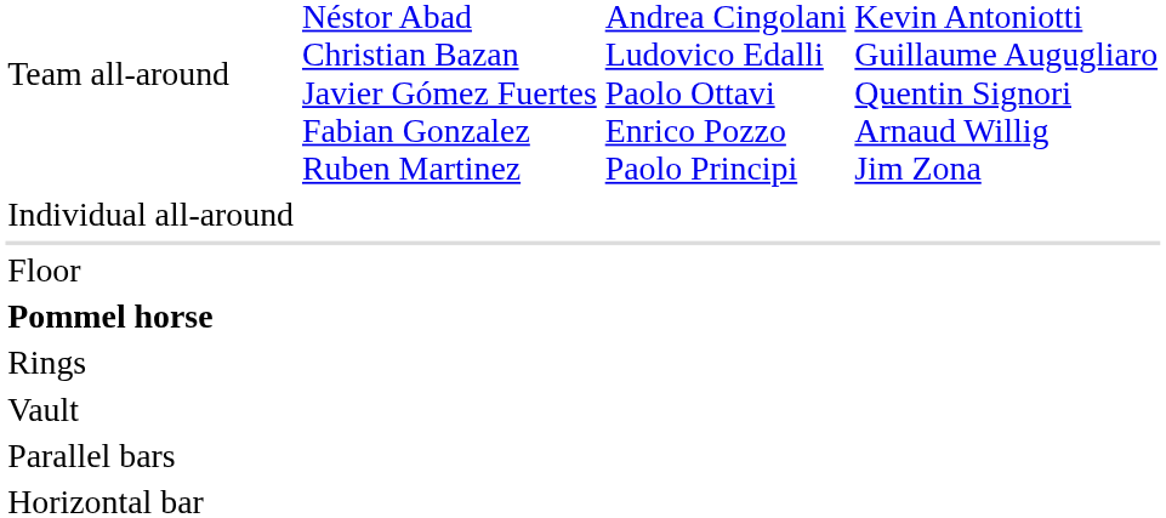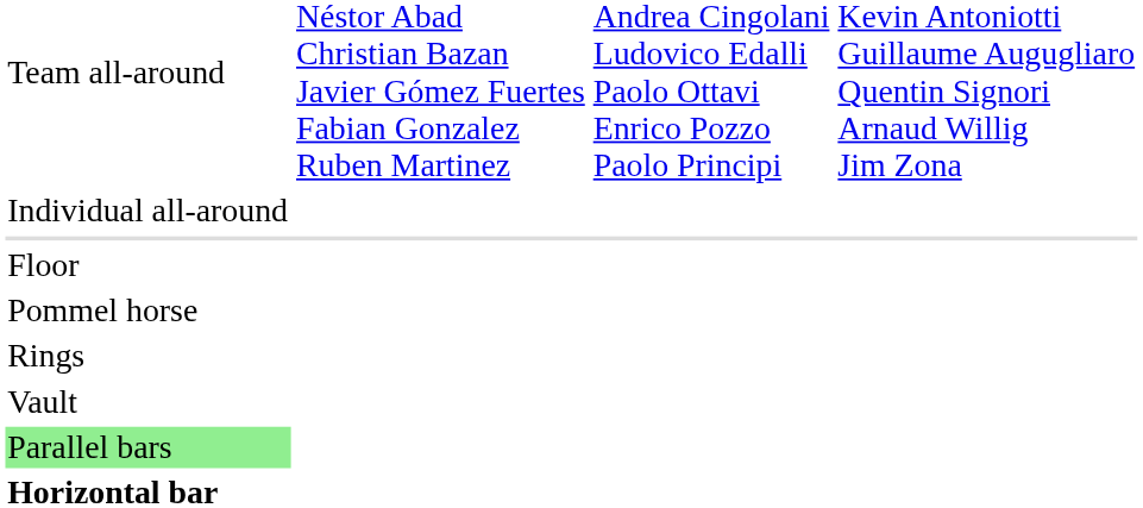 <table>
 <tr>
 <td>Team all-around<br></td>
 <td><br><a href='#'>Néstor Abad</a><br><a href='#'>Christian Bazan</a><br><a href='#'>Javier Gómez Fuertes</a><br><a href='#'>Fabian Gonzalez</a><br><a href='#'>Ruben Martinez</a></td>
 <td><br><a href='#'>Andrea Cingolani</a><br><a href='#'>Ludovico Edalli</a><br><a href='#'>Paolo Ottavi</a><br><a href='#'>Enrico Pozzo</a><br><a href='#'>Paolo Principi</a></td>
 <td><br><a href='#'>Kevin Antoniotti</a><br><a href='#'>Guillaume Augugliaro</a><br><a href='#'>Quentin Signori</a><br><a href='#'>Arnaud Willig</a><br><a href='#'>Jim Zona</a></td>
 </tr>
 <tr>
 <td>Individual all-around<br></td>
 <td></td>
 <td></td>
 <td></td>
 </tr>
 <tr bgcolor=#DDDDDD>
 <td colspan=7></td>
 </tr>
 <tr>
 <td>Floor<br></td>
 <td></td>
 <td></td>
 <td></td>
 </tr>
 <tr>
-<td><strong>Pommel horse<br></strong></td>
+<td>Pommel horse<br></td>
 <td></td>
 <td></td>
 <td></td>
 </tr>
 <tr>
 <td>Rings<br></td>
 <td></td>
 <td></td>
 <td></td>
 </tr>
 <tr>
 <td>Vault<br></td>
 <td></td>
 <td></td>
 <td></td>
 </tr>
 <tr>
-<td>Parallel bars<br></td>
+<td style="background: lightgreen;">Parallel bars<br></td>
 <td></td>
 <td></td>
 <td></td>
 </tr>
 <tr>
-<td>Horizontal bar<br></td>
+<td><strong>Horizontal bar<br></strong></td>
 <td></td>
 <td></td>
 <td></td>
 </tr>
 </table>
